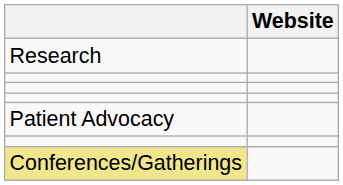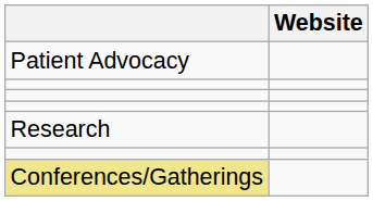 <table class="wikitable">
 <tr>
 <th></th>
 <th>Website</th>
 </tr>
 <tr>
-<td>Research</td>
+<td>Patient Advocacy</td>
 <td></td>
 </tr>
 <tr>
 <td></td>
 <td></td>
 </tr>
 <tr>
 <td></td>
 <td></td>
 </tr>
 <tr>
 <td></td>
 <td></td>
 </tr>
 <tr>
-<td>Patient Advocacy</td>
+<td>Research</td>
 <td></td>
 </tr>
 <tr>
 <td></td>
 <td></td>
 </tr>
 <tr>
 <td style="background: khaki;">Conferences/Gatherings</td>
 <td></td>
 </tr>
 </table>
